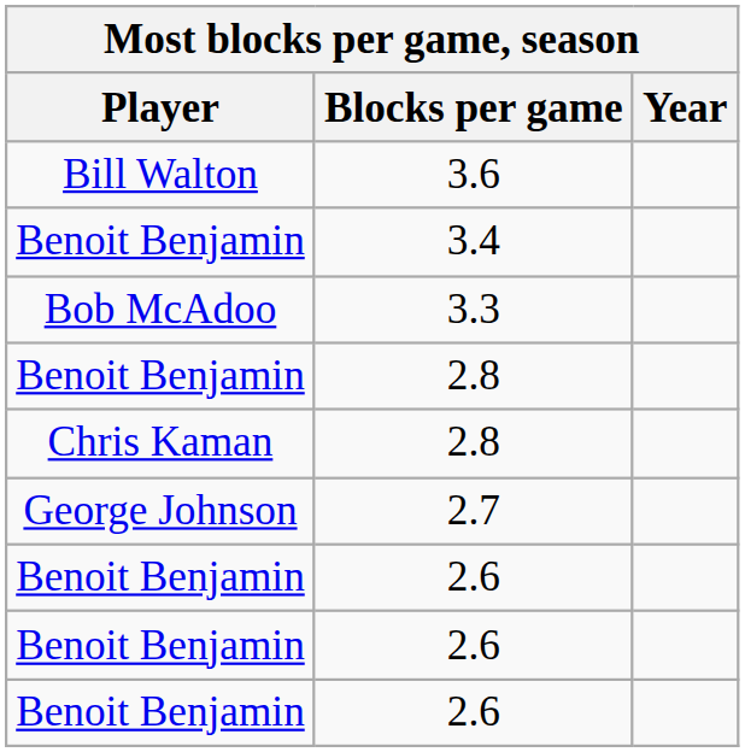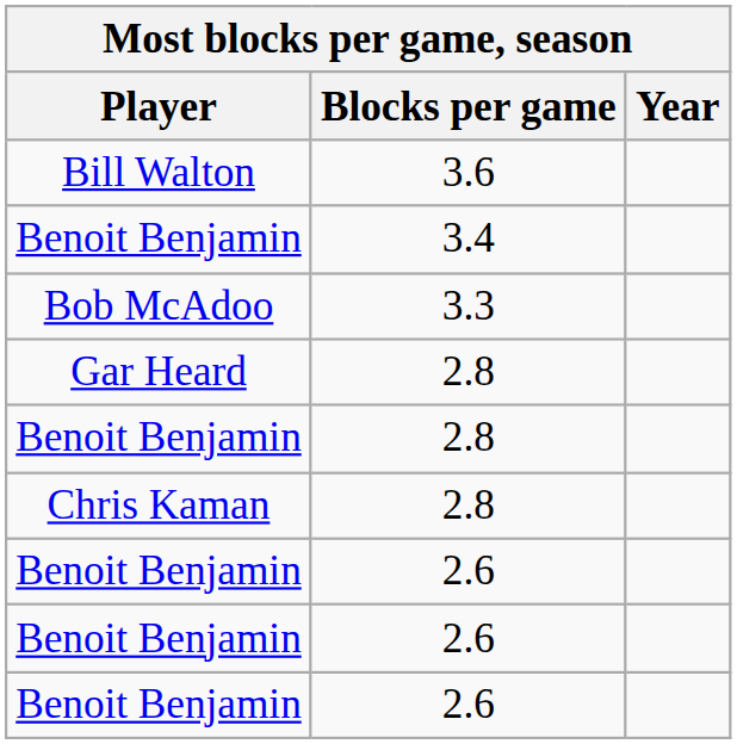 <table class="wikitable sortable" style="text-align:center">
 <tr>
 <th colspan="3">Most blocks per game, season</th>
 </tr>
 <tr>
 <th>Player</th>
 <th>Blocks per game</th>
 <th>Year</th>
 </tr>
 <tr>
 <td><a href='#'>Bill Walton</a></td>
 <td>3.6</td>
 <td></td>
 </tr>
 <tr>
 <td><a href='#'>Benoit Benjamin</a></td>
 <td>3.4</td>
 <td></td>
 </tr>
 <tr>
 <td><a href='#'>Bob McAdoo</a></td>
 <td>3.3</td>
 <td></td>
 </tr>
 <tr>
+<td><a href='#'>Gar Heard</a></td>
+<td>2.8</td>
+<td></td>
+</tr>
+<tr>
 <td><a href='#'>Benoit Benjamin</a></td>
 <td>2.8</td>
 <td></td>
 </tr>
 <tr>
 <td><a href='#'>Chris Kaman</a></td>
 <td>2.8</td>
-<td></td>
-</tr>
-<tr>
-<td><a href='#'>George Johnson</a></td>
-<td>2.7</td>
 <td></td>
 </tr>
 <tr>
 <td><a href='#'>Benoit Benjamin</a></td>
 <td>2.6</td>
 <td></td>
 </tr>
 <tr>
 <td><a href='#'>Benoit Benjamin</a></td>
 <td>2.6</td>
 <td></td>
 </tr>
 <tr>
 <td><a href='#'>Benoit Benjamin</a></td>
 <td>2.6</td>
 <td></td>
 </tr>
 </table>
